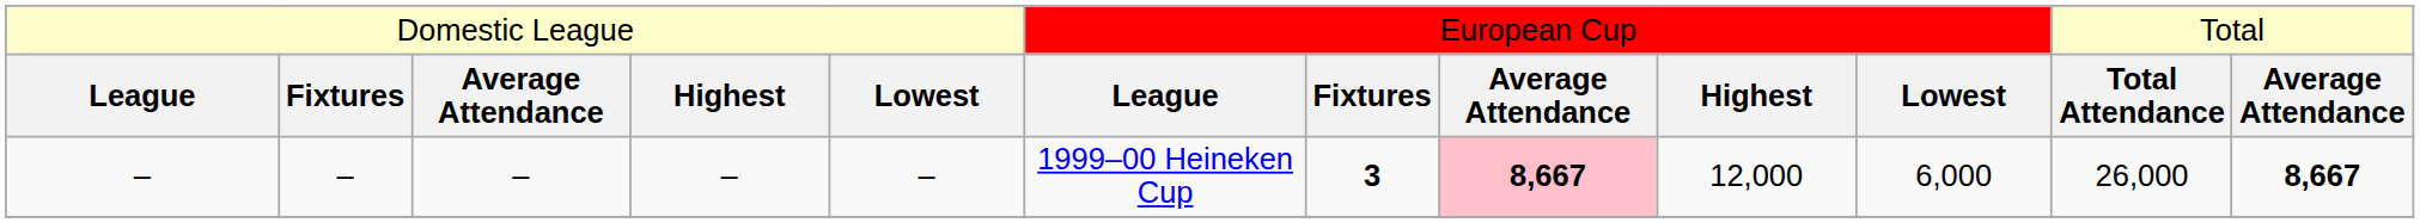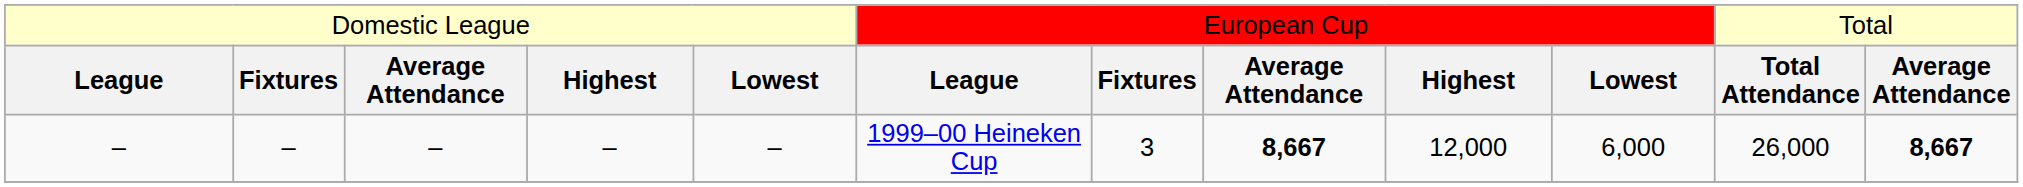 <table class="wikitable sortable" style="font-size:90%; width:90%;">
 <tr>
 <td colspan="5" class="wikitable sortable" style="width:45%; background:#ffffcc; text-align:center;"><span>Domestic League</span></td>
 <td colspan="5" class="wikitable sortable" style="width:45%; background:#f00; text-align:center;"><span>European Cup</span></td>
 <td colspan="2" class="wikitable sortable" style="width:45%; background:#ffffcc; text-align:center;"><span>Total</span></td>
 </tr>
 <tr>
 <th style="width:15%;">League</th>
 <th style="width:5%;">Fixtures</th>
 <th style="width:10%;">Average Attendance</th>
 <th style="width:10%;">Highest</th>
 <th style="width:10%;">Lowest</th>
 <th style="width:15%;">League</th>
 <th style="width:5%;">Fixtures</th>
 <th style="width:10%;">Average Attendance</th>
 <th style="width:10%;">Highest</th>
 <th style="width:10%;">Lowest</th>
 <th style="width:10%;">Total Attendance</th>
 <th style="width:10%;">Average Attendance</th>
 </tr>
 <tr>
 <td align=center>–</td>
 <td align=center>–</td>
 <td align=center>–</td>
 <td align=center>–</td>
 <td align=center>–</td>
 <td align=center><a href='#'>1999–00 Heineken Cup</a></td>
-<td align=center><strong>3</strong></td>
-<td align=center style="background: pink;"><strong>8,667</strong></td>
+<td align=center>3</td>
+<td align=center><strong>8,667</strong></td>
 <td align=center>12,000</td>
 <td align=center>6,000</td>
 <td align=center>26,000</td>
 <td align=center><strong>8,667</strong></td>
 </tr>
 <tr>
 </tr>
 </table>
